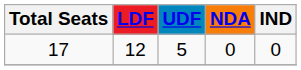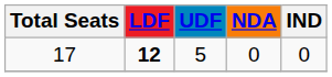 <table class="wikitable">
 <tr>
 <th scope="col">Total Seats</th>
 <th scope="col" style="background:#ED1C24; color:black;"><a href='#'>LDF</a></th>
 <th scope="col" style="background:#0087BD; color:black;"><a href='#'>UDF</a></th>
 <th scope="col" style="background:#F97D09; color:black;"><a href='#'>NDA</a></th>
 <th scope="col">IND</th>
 </tr>
 <tr>
 <td align="center">17</td>
-<td align="center">12</td>
+<td align="center"><strong>12</strong></td>
 <td align="center">5</td>
 <td align="center">0</td>
 <td align="center">0</td>
 </tr>
 <tr>
 </tr>
 </table>
